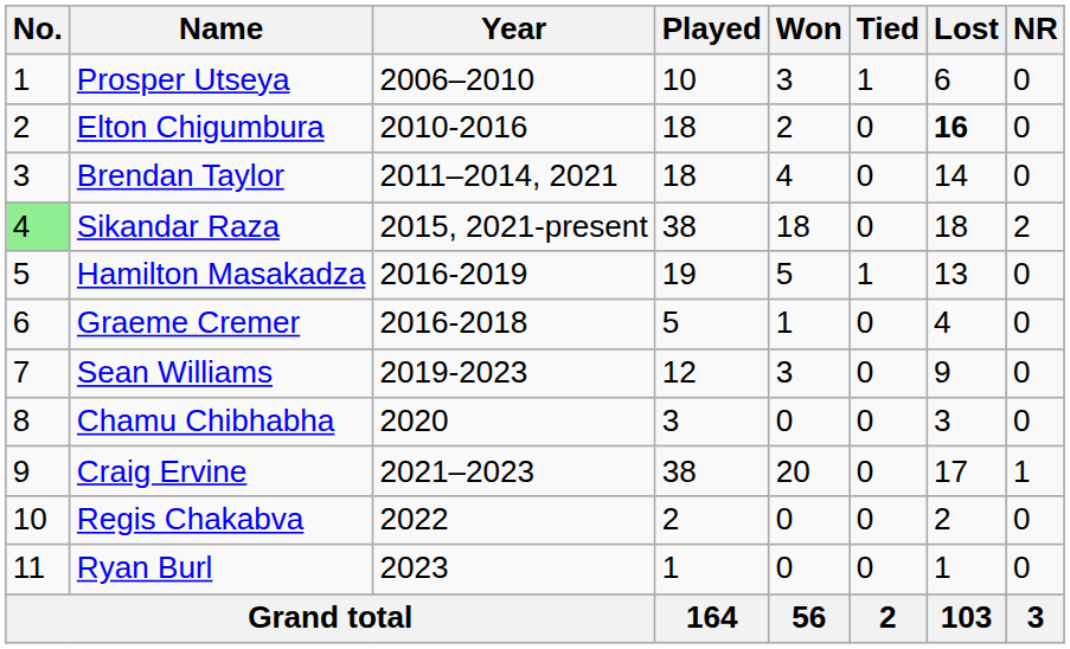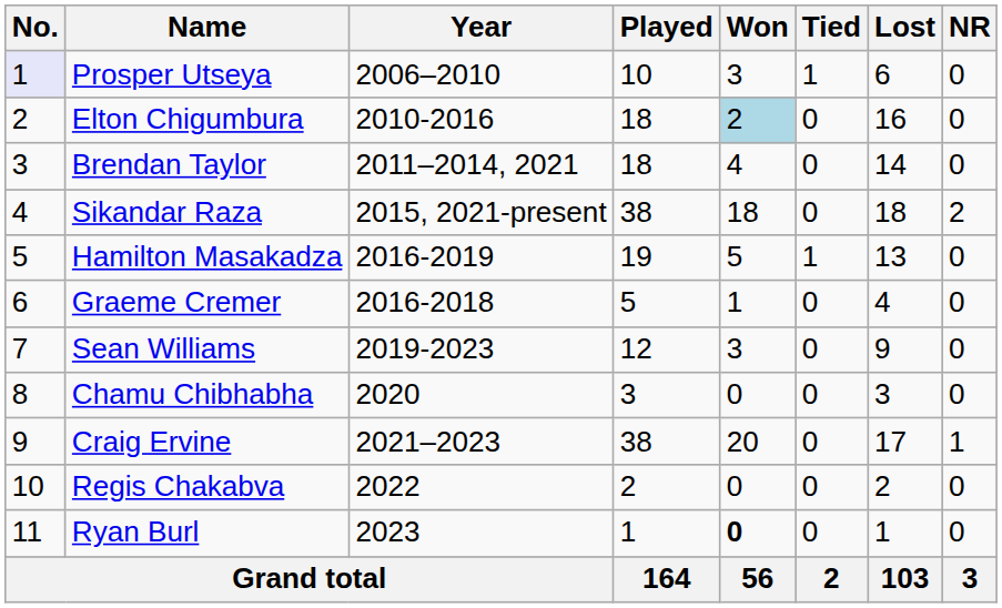 <table class="sortable wikitable">
 <tr style="background:#efefef;">
 <th>No.</th>
 <th>Name</th>
 <th>Year</th>
 <th>Played</th>
 <th>Won</th>
 <th>Tied</th>
 <th>Lost</th>
 <th>NR</th>
 </tr>
 <tr>
-<td>1</td>
+<td style="background: lavender;">1</td>
 <td><a href='#'>Prosper Utseya</a></td>
 <td>2006–2010</td>
 <td>10</td>
 <td>3</td>
 <td>1</td>
 <td>6</td>
 <td>0</td>
 </tr>
 <tr>
 <td>2</td>
 <td><a href='#'>Elton Chigumbura</a></td>
 <td>2010-2016</td>
 <td>18</td>
-<td>2</td>
+<td style="background: lightblue;">2</td>
 <td>0</td>
-<td><strong>16</strong></td>
+<td>16</td>
 <td>0</td>
 </tr>
 <tr>
 <td>3</td>
 <td><a href='#'>Brendan Taylor</a></td>
 <td>2011–2014, 2021</td>
 <td>18</td>
 <td>4</td>
 <td>0</td>
 <td>14</td>
 <td>0</td>
 </tr>
 <tr>
-<td style="background: lightgreen;">4</td>
+<td>4</td>
 <td><a href='#'>Sikandar Raza</a></td>
 <td>2015, 2021-present</td>
 <td>38</td>
 <td>18</td>
 <td>0</td>
 <td>18</td>
 <td>2</td>
 </tr>
 <tr>
 <td>5</td>
 <td><a href='#'>Hamilton Masakadza</a></td>
 <td>2016-2019</td>
 <td>19</td>
 <td>5</td>
 <td>1</td>
 <td>13</td>
 <td>0</td>
 </tr>
 <tr>
 <td>6</td>
 <td><a href='#'>Graeme Cremer</a></td>
 <td>2016-2018</td>
 <td>5</td>
 <td>1</td>
 <td>0</td>
 <td>4</td>
 <td>0</td>
 </tr>
 <tr>
 <td>7</td>
 <td><a href='#'>Sean Williams</a></td>
 <td>2019-2023</td>
 <td>12</td>
 <td>3</td>
 <td>0</td>
 <td>9</td>
 <td>0</td>
 </tr>
 <tr>
 <td>8</td>
 <td><a href='#'>Chamu Chibhabha</a></td>
 <td>2020</td>
 <td>3</td>
 <td>0</td>
 <td>0</td>
 <td>3</td>
 <td>0</td>
 </tr>
 <tr>
 <td>9</td>
 <td><a href='#'>Craig Ervine</a></td>
 <td>2021–2023</td>
 <td>38</td>
 <td>20</td>
 <td>0</td>
 <td>17</td>
 <td>1</td>
 </tr>
 <tr>
 <td>10</td>
 <td><a href='#'>Regis Chakabva</a></td>
 <td>2022</td>
 <td>2</td>
 <td>0</td>
 <td>0</td>
 <td>2</td>
 <td>0</td>
 </tr>
 <tr>
 <td>11</td>
 <td><a href='#'>Ryan Burl</a></td>
 <td>2023</td>
 <td>1</td>
-<td>0</td>
+<td><strong>0</strong></td>
 <td>0</td>
 <td>1</td>
 <td>0</td>
 </tr>
 <tr>
 <th colspan="3"><strong>Grand total</strong></th>
 <th><strong>164</strong></th>
 <th><strong>56</strong></th>
 <th>2</th>
 <th><strong>103</strong></th>
 <th><strong>3</strong></th>
 </tr>
 </table>
